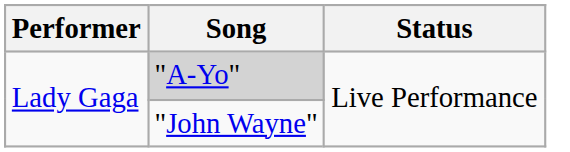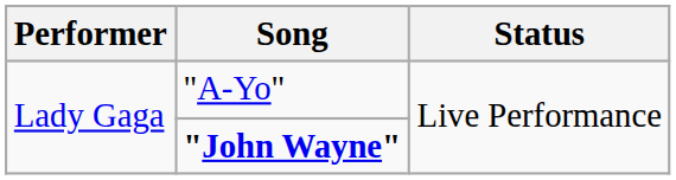 <table class="wikitable" style="font-size:85%">
 <tr>
 <th>Performer</th>
 <th>Song</th>
 <th>Status</th>
 </tr>
 <tr>
 <td rowspan="2"> <a href='#'>Lady Gaga</a></td>
-<td style="background: lightgrey;">"<a href='#'>A-Yo</a>"</td>
+<td>"<a href='#'>A-Yo</a>"</td>
 <td rowspan="2">Live Performance</td>
 </tr>
 <tr>
-<td>"<a href='#'>John Wayne</a>"</td>
+<td><strong>"<a href='#'>John Wayne</a>"</strong></td>
 </tr>
 </table>
